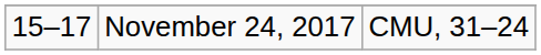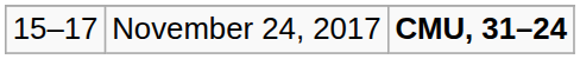 <table class="wikitable">
 <tr align="center">
 </tr>
 <tr align="center">
 <td>15–17</td>
 <td>November 24, 2017</td>
-<td>CMU, 31–24</td>
+<td><strong>CMU, 31–24</strong></td>
 </tr>
 </table>
